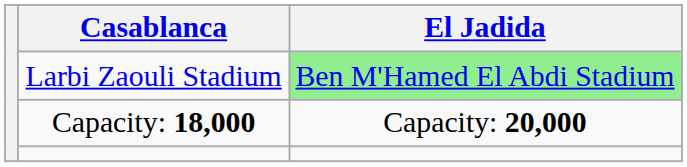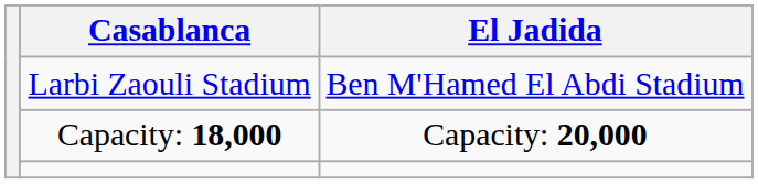 <table class="wikitable" style="text-align:center;amrgin:1em auto;">
 <tr>
 <th rowspan="4"></th>
 <th><a href='#'>Casablanca</a></th>
 <th><a href='#'>El Jadida</a></th>
 </tr>
 <tr>
 <td><a href='#'>Larbi Zaouli Stadium</a></td>
-<td style="background: lightgreen;"><a href='#'>Ben M'Hamed El Abdi Stadium</a></td>
+<td><a href='#'>Ben M'Hamed El Abdi Stadium</a></td>
 </tr>
 <tr>
 <td>Capacity: <strong>18,000</strong></td>
 <td>Capacity: <strong>20,000</strong></td>
 </tr>
 <tr>
 <td></td>
 <td></td>
 </tr>
 </table>
